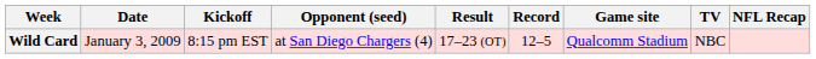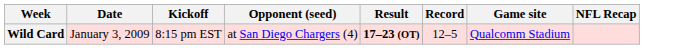 <table class="wikitable" style="text-align:center;">
 <tr>
 <th>Week</th>
 <th>Date</th>
 <th>Kickoff</th>
 <th>Opponent (seed)</th>
 <th>Result</th>
 <th>Record</th>
 <th>Game site</th>
-<th>TV</th>
 <th>NFL Recap</th>
 </tr>
 <tr style="text-align:center; background:#fdd;">
 <th>Wild Card</th>
 <td>January 3, 2009</td>
 <td>8:15 pm EST</td>
 <td>at <a href='#'>San Diego Chargers</a> (4)</td>
-<td>17–23 <small>(OT)</small></td>
+<td><strong>17–23 <small>(OT)</small></strong></td>
 <td>12–5</td>
 <td><a href='#'>Qualcomm Stadium</a></td>
-<td>NBC</td>
 <td></td>
 </tr>
 </table>
